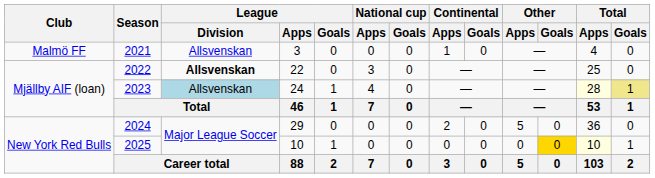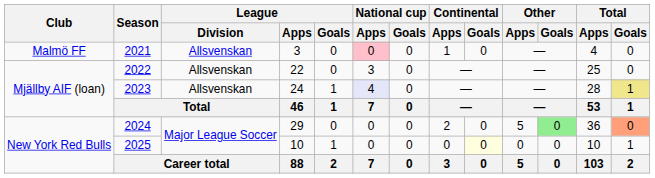 <table class="wikitable" style="text-align: center;">
 <tr>
 <th rowspan="2">Club</th>
 <th rowspan="2">Season</th>
 <th colspan="3">League</th>
 <th colspan="2">National cup</th>
 <th colspan="2">Continental</th>
 <th colspan="2">Other</th>
 <th colspan="2">Total</th>
 </tr>
 <tr>
 <th>Division</th>
 <th>Apps</th>
 <th>Goals</th>
 <th>Apps</th>
 <th>Goals</th>
 <th>Apps</th>
 <th>Goals</th>
 <th>Apps</th>
 <th>Goals</th>
 <th>Apps</th>
 <th>Goals</th>
 </tr>
 <tr>
 <td><a href='#'>Malmö FF</a></td>
 <td><a href='#'>2021</a></td>
 <td rowspan="1"><a href='#'>Allsvenskan</a></td>
 <td>3</td>
 <td>0</td>
-<td>0</td>
+<td style="background: pink;">0</td>
 <td>0</td>
 <td>1</td>
 <td>0</td>
 <td colspan="2">—</td>
 <td>4</td>
 <td>0</td>
 </tr>
 <tr>
 <td rowspan="3"><a href='#'>Mjällby AIF</a> (loan)</td>
 <td><a href='#'>2022</a></td>
-<td><strong>Allsvenskan</strong></td>
+<td>Allsvenskan</td>
 <td>22</td>
 <td>0</td>
 <td>3</td>
 <td>0</td>
 <td colspan="2">—</td>
 <td colspan="2">—</td>
 <td>25</td>
 <td>0</td>
 </tr>
 <tr>
 <td><a href='#'>2023</a></td>
-<td style="background: lightblue;">Allsvenskan</td>
+<td>Allsvenskan</td>
 <td>24</td>
 <td>1</td>
-<td>4</td>
+<td style="background: lavender;">4</td>
 <td>0</td>
 <td colspan="2">—</td>
 <td colspan="2">—</td>
-<td style="background: lightyellow;">28</td>
+<td>28</td>
 <td style="background: khaki;">1</td>
 </tr>
 <tr>
 <th colspan="2">Total</th>
 <th>46</th>
 <th>1</th>
 <th>7</th>
 <th>0</th>
 <th colspan="2">—</th>
 <th colspan="2">—</th>
 <th>53</th>
 <th>1</th>
 </tr>
 <tr>
 <td rowspan="3"><a href='#'>New York Red Bulls</a></td>
 <td><a href='#'>2024</a></td>
 <td rowspan="2"><a href='#'>Major League Soccer</a></td>
 <td>29</td>
 <td>0</td>
 <td>0</td>
 <td>0</td>
 <td>2</td>
 <td>0</td>
 <td>5</td>
-<td>0</td>
+<td style="background: lightgreen;">0</td>
 <td>36</td>
-<td>0</td>
+<td style="background: lightsalmon;">0</td>
 </tr>
 <tr>
 <td><a href='#'>2025</a></td>
 <td>10</td>
 <td>1</td>
 <td>0</td>
 <td>0</td>
 <td>0</td>
+<td style="background: lightyellow;">0</td>
 <td>0</td>
 <td>0</td>
-<td style="background: gold;">0</td>
-<td style="background: lightyellow;">10</td>
+<td>10</td>
 <td>1</td>
 </tr>
 <tr>
 <th colspan="2">Career total</th>
 <th>88</th>
 <th>2</th>
 <th>7</th>
 <th>0</th>
 <th>3</th>
 <th>0</th>
 <th>5</th>
 <th>0</th>
 <th>103</th>
 <th>2</th>
 </tr>
 </table>
